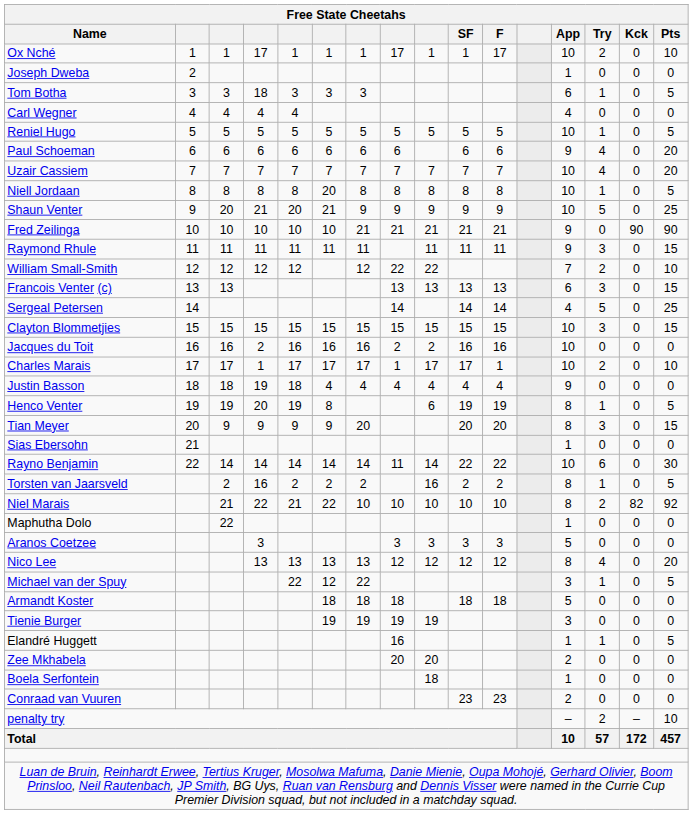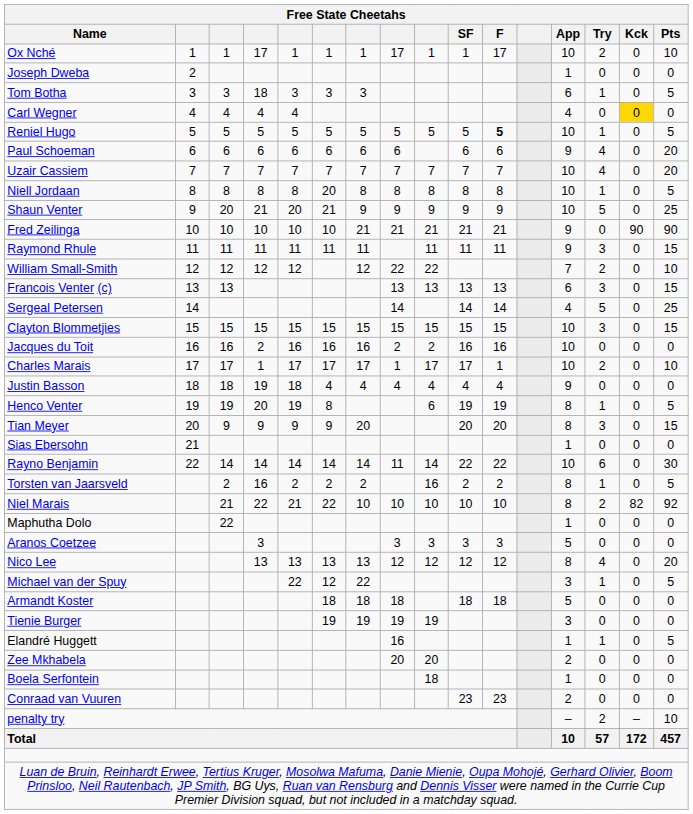 <table class="wikitable collapsible collapsed sortable" style="text-align:center; font-size:90%; width:90%">
 <tr>
 <th colspan="100%">Free State Cheetahs</th>
 </tr>
 <tr>
 <th style="width:25%;">Name</th>
 <th style="width:5%;"></th>
 <th style="width:5%;"></th>
 <th style="width:5%;"></th>
 <th style="width:5%;"></th>
 <th style="width:5%;"></th>
 <th style="width:5%;"></th>
 <th style="width:5%;"></th>
 <th style="width:5%;"></th>
 <th style="width:5%;">SF</th>
 <th style="width:5%;">F</th>
 <th style="width:5%;"></th>
 <th style="width:5%;">App</th>
 <th style="width:5%;">Try</th>
 <th style="width:5%;">Kck</th>
 <th style="width:5%;">Pts</th>
 </tr>
 <tr>
 <td style="text-align:left;"><a href='#'>Ox Nché</a></td>
 <td>1</td>
 <td>1</td>
 <td>17 </td>
 <td>1</td>
 <td>1</td>
 <td>1</td>
 <td>17 </td>
 <td>1</td>
 <td>1</td>
 <td>17 </td>
 <td style="background:#ECECEC;"></td>
 <td>10</td>
 <td>2</td>
 <td>0</td>
 <td>10</td>
 </tr>
 <tr>
 <td style="text-align:left;"><a href='#'>Joseph Dweba</a></td>
 <td>2</td>
 <td></td>
 <td></td>
 <td></td>
 <td></td>
 <td></td>
 <td></td>
 <td></td>
 <td></td>
 <td></td>
 <td style="background:#ECECEC;"></td>
 <td>1</td>
 <td>0</td>
 <td>0</td>
 <td>0</td>
 </tr>
 <tr>
 <td style="text-align:left;"><a href='#'>Tom Botha</a></td>
 <td>3</td>
 <td>3</td>
 <td>18 </td>
 <td>3</td>
 <td>3</td>
 <td>3</td>
 <td></td>
 <td></td>
 <td></td>
 <td></td>
 <td style="background:#ECECEC;"></td>
 <td>6</td>
 <td>1</td>
 <td>0</td>
 <td>5</td>
 </tr>
 <tr>
 <td style="text-align:left;"><a href='#'>Carl Wegner</a></td>
 <td>4</td>
 <td>4</td>
 <td>4</td>
 <td>4</td>
 <td></td>
 <td></td>
 <td></td>
 <td></td>
 <td></td>
 <td></td>
 <td style="background:#ECECEC;"></td>
 <td>4</td>
 <td>0</td>
-<td>0</td>
+<td style="background: gold;">0</td>
 <td>0</td>
 </tr>
 <tr>
 <td style="text-align:left;"><a href='#'>Reniel Hugo</a></td>
 <td>5</td>
 <td>5</td>
 <td>5</td>
 <td>5</td>
 <td>5</td>
 <td>5</td>
 <td>5</td>
 <td>5</td>
 <td>5</td>
-<td>5</td>
+<td><strong>5</strong></td>
 <td style="background:#ECECEC;"></td>
 <td>10</td>
 <td>1</td>
 <td>0</td>
 <td>5</td>
 </tr>
 <tr>
 <td style="text-align:left;"><a href='#'>Paul Schoeman</a></td>
 <td>6</td>
 <td>6</td>
 <td>6</td>
 <td>6</td>
 <td>6</td>
 <td>6</td>
 <td>6</td>
 <td></td>
 <td>6</td>
 <td>6</td>
 <td style="background:#ECECEC;"></td>
 <td>9</td>
 <td>4</td>
 <td>0</td>
 <td>20</td>
 </tr>
 <tr>
 <td style="text-align:left;"><a href='#'>Uzair Cassiem</a></td>
 <td>7</td>
 <td>7</td>
 <td>7</td>
 <td>7</td>
 <td>7</td>
 <td>7</td>
 <td>7</td>
 <td>7</td>
 <td>7</td>
 <td>7</td>
 <td style="background:#ECECEC;"></td>
 <td>10</td>
 <td>4</td>
 <td>0</td>
 <td>20</td>
 </tr>
 <tr>
 <td style="text-align:left;"><a href='#'>Niell Jordaan</a></td>
 <td>8</td>
 <td>8</td>
 <td>8</td>
 <td>8</td>
 <td>20 </td>
 <td>8</td>
 <td>8</td>
 <td>8</td>
 <td>8</td>
 <td>8</td>
 <td style="background:#ECECEC;"></td>
 <td>10</td>
 <td>1</td>
 <td>0</td>
 <td>5</td>
 </tr>
 <tr>
 <td style="text-align:left;"><a href='#'>Shaun Venter</a></td>
 <td>9</td>
 <td>20 </td>
 <td>21 </td>
 <td>20 </td>
 <td>21 </td>
 <td>9</td>
 <td>9</td>
 <td>9</td>
 <td>9</td>
 <td>9</td>
 <td style="background:#ECECEC;"></td>
 <td>10</td>
 <td>5</td>
 <td>0</td>
 <td>25</td>
 </tr>
 <tr>
 <td style="text-align:left;"><a href='#'>Fred Zeilinga</a></td>
 <td>10</td>
 <td>10</td>
 <td>10</td>
 <td>10</td>
 <td>10</td>
 <td>21</td>
 <td>21 </td>
 <td>21 </td>
 <td>21 </td>
 <td>21 </td>
 <td style="background:#ECECEC;"></td>
 <td>9</td>
 <td>0</td>
 <td>90</td>
 <td>90</td>
 </tr>
 <tr>
 <td style="text-align:left;"><a href='#'>Raymond Rhule</a></td>
 <td>11</td>
 <td>11</td>
 <td>11</td>
 <td>11</td>
 <td>11</td>
 <td>11</td>
 <td></td>
 <td>11</td>
 <td>11</td>
 <td>11</td>
 <td style="background:#ECECEC;"></td>
 <td>9</td>
 <td>3</td>
 <td>0</td>
 <td>15</td>
 </tr>
 <tr>
 <td style="text-align:left;"><a href='#'>William Small-Smith</a></td>
 <td>12</td>
 <td>12</td>
 <td>12</td>
 <td>12</td>
 <td></td>
 <td>12</td>
 <td>22 </td>
 <td>22 </td>
 <td></td>
 <td></td>
 <td style="background:#ECECEC;"></td>
 <td>7</td>
 <td>2</td>
 <td>0</td>
 <td>10</td>
 </tr>
 <tr>
 <td style="text-align:left;"><a href='#'>Francois Venter</a> <a href='#'>(c)</a></td>
 <td>13</td>
 <td>13</td>
 <td></td>
 <td></td>
 <td></td>
 <td></td>
 <td>13</td>
 <td>13</td>
 <td>13</td>
 <td>13</td>
 <td style="background:#ECECEC;"></td>
 <td>6</td>
 <td>3</td>
 <td>0</td>
 <td>15</td>
 </tr>
 <tr>
 <td style="text-align:left;"><a href='#'>Sergeal Petersen</a></td>
 <td>14</td>
 <td></td>
 <td></td>
 <td></td>
 <td></td>
 <td></td>
 <td>14</td>
 <td></td>
 <td>14</td>
 <td>14</td>
 <td style="background:#ECECEC;"></td>
 <td>4</td>
 <td>5</td>
 <td>0</td>
 <td>25</td>
 </tr>
 <tr>
 <td style="text-align:left;"><a href='#'>Clayton Blommetjies</a></td>
 <td>15</td>
 <td>15</td>
 <td>15</td>
 <td>15</td>
 <td>15</td>
 <td>15</td>
 <td>15</td>
 <td>15</td>
 <td>15</td>
 <td>15</td>
 <td style="background:#ECECEC;"></td>
 <td>10</td>
 <td>3</td>
 <td>0</td>
 <td>15</td>
 </tr>
 <tr>
 <td style="text-align:left;"><a href='#'>Jacques du Toit</a></td>
 <td>16 </td>
 <td>16 </td>
 <td>2</td>
 <td>16 </td>
 <td>16 </td>
 <td>16 </td>
 <td>2</td>
 <td>2</td>
 <td>16 </td>
 <td>16 </td>
 <td style="background:#ECECEC;"></td>
 <td>10</td>
 <td>0</td>
 <td>0</td>
 <td>0</td>
 </tr>
 <tr>
 <td style="text-align:left;"><a href='#'>Charles Marais</a></td>
 <td>17 </td>
 <td>17 </td>
 <td>1</td>
 <td>17 </td>
 <td>17 </td>
 <td>17 </td>
 <td>1</td>
 <td>17 </td>
 <td>17 </td>
 <td>1</td>
 <td style="background:#ECECEC;"></td>
 <td>10</td>
 <td>2</td>
 <td>0</td>
 <td>10</td>
 </tr>
 <tr>
 <td style="text-align:left;"><a href='#'>Justin Basson</a></td>
 <td>18 </td>
 <td>18 </td>
 <td>19</td>
 <td>18 </td>
 <td>4</td>
 <td>4</td>
 <td>4</td>
 <td>4</td>
 <td>4</td>
 <td>4</td>
 <td style="background:#ECECEC;"></td>
 <td>9</td>
 <td>0</td>
 <td>0</td>
 <td>0</td>
 </tr>
 <tr>
 <td style="text-align:left;"><a href='#'>Henco Venter</a></td>
 <td>19 </td>
 <td>19 </td>
 <td>20 </td>
 <td>19 </td>
 <td>8</td>
 <td></td>
 <td></td>
 <td>6</td>
 <td>19 </td>
 <td>19 </td>
 <td style="background:#ECECEC;"></td>
 <td>8</td>
 <td>1</td>
 <td>0</td>
 <td>5</td>
 </tr>
 <tr>
 <td style="text-align:left;"><a href='#'>Tian Meyer</a></td>
 <td>20 </td>
 <td>9</td>
 <td>9</td>
 <td>9</td>
 <td>9</td>
 <td>20 </td>
 <td></td>
 <td></td>
 <td>20 </td>
 <td>20 </td>
 <td style="background:#ECECEC;"></td>
 <td>8</td>
 <td>3</td>
 <td>0</td>
 <td>15</td>
 </tr>
 <tr>
 <td style="text-align:left;"><a href='#'>Sias Ebersohn</a></td>
 <td>21 </td>
 <td></td>
 <td></td>
 <td></td>
 <td></td>
 <td></td>
 <td></td>
 <td></td>
 <td></td>
 <td></td>
 <td style="background:#ECECEC;"></td>
 <td>1</td>
 <td>0</td>
 <td>0</td>
 <td>0</td>
 </tr>
 <tr>
 <td style="text-align:left;"><a href='#'>Rayno Benjamin</a></td>
 <td>22 </td>
 <td>14</td>
 <td>14</td>
 <td>14</td>
 <td>14</td>
 <td>14</td>
 <td>11</td>
 <td>14</td>
 <td>22 </td>
 <td>22 </td>
 <td style="background:#ECECEC;"></td>
 <td>10</td>
 <td>6</td>
 <td>0</td>
 <td>30</td>
 </tr>
 <tr>
 <td style="text-align:left;"><a href='#'>Torsten van Jaarsveld</a></td>
 <td></td>
 <td>2</td>
 <td>16 </td>
 <td>2</td>
 <td>2</td>
 <td>2</td>
 <td></td>
 <td>16 </td>
 <td>2</td>
 <td>2</td>
 <td style="background:#ECECEC;"></td>
 <td>8</td>
 <td>1</td>
 <td>0</td>
 <td>5</td>
 </tr>
 <tr>
 <td style="text-align:left;"><a href='#'>Niel Marais</a></td>
 <td></td>
 <td>21 </td>
 <td>22</td>
 <td>21 </td>
 <td>22 </td>
 <td>10</td>
 <td>10</td>
 <td>10</td>
 <td>10</td>
 <td>10</td>
 <td style="background:#ECECEC;"></td>
 <td>8</td>
 <td>2</td>
 <td>82</td>
 <td>92</td>
 </tr>
 <tr>
 <td style="text-align:left;">Maphutha Dolo</td>
 <td></td>
 <td>22 </td>
 <td></td>
 <td></td>
 <td></td>
 <td></td>
 <td></td>
 <td></td>
 <td></td>
 <td></td>
 <td style="background:#ECECEC;"></td>
 <td>1</td>
 <td>0</td>
 <td>0</td>
 <td>0</td>
 </tr>
 <tr>
 <td style="text-align:left;"><a href='#'>Aranos Coetzee</a></td>
 <td></td>
 <td></td>
 <td>3</td>
 <td></td>
 <td></td>
 <td></td>
 <td>3</td>
 <td>3</td>
 <td>3</td>
 <td>3</td>
 <td style="background:#ECECEC;"></td>
 <td>5</td>
 <td>0</td>
 <td>0</td>
 <td>0</td>
 </tr>
 <tr>
 <td style="text-align:left;"><a href='#'>Nico Lee</a></td>
 <td></td>
 <td></td>
 <td>13</td>
 <td>13</td>
 <td>13</td>
 <td>13</td>
 <td>12</td>
 <td>12</td>
 <td>12</td>
 <td>12</td>
 <td style="background:#ECECEC;"></td>
 <td>8</td>
 <td>4</td>
 <td>0</td>
 <td>20</td>
 </tr>
 <tr>
 <td style="text-align:left;"><a href='#'>Michael van der Spuy</a></td>
 <td></td>
 <td></td>
 <td></td>
 <td>22 </td>
 <td>12</td>
 <td>22 </td>
 <td></td>
 <td></td>
 <td></td>
 <td></td>
 <td style="background:#ECECEC;"></td>
 <td>3</td>
 <td>1</td>
 <td>0</td>
 <td>5</td>
 </tr>
 <tr>
 <td style="text-align:left;"><a href='#'>Armandt Koster</a></td>
 <td></td>
 <td></td>
 <td></td>
 <td></td>
 <td>18 </td>
 <td>18 </td>
 <td>18 </td>
 <td></td>
 <td>18 </td>
 <td>18 </td>
 <td style="background:#ECECEC;"></td>
 <td>5</td>
 <td>0</td>
 <td>0</td>
 <td>0</td>
 </tr>
 <tr>
 <td style="text-align:left;"><a href='#'>Tienie Burger</a></td>
 <td></td>
 <td></td>
 <td></td>
 <td></td>
 <td>19</td>
 <td>19 </td>
 <td>19 </td>
 <td>19 </td>
 <td></td>
 <td></td>
 <td style="background:#ECECEC;"></td>
 <td>3</td>
 <td>0</td>
 <td>0</td>
 <td>0</td>
 </tr>
 <tr>
 <td style="text-align:left;">Elandré Huggett</td>
 <td></td>
 <td></td>
 <td></td>
 <td></td>
 <td></td>
 <td></td>
 <td>16 </td>
 <td></td>
 <td></td>
 <td></td>
 <td style="background:#ECECEC;"></td>
 <td>1</td>
 <td>1</td>
 <td>0</td>
 <td>5</td>
 </tr>
 <tr>
 <td style="text-align:left;"><a href='#'>Zee Mkhabela</a></td>
 <td></td>
 <td></td>
 <td></td>
 <td></td>
 <td></td>
 <td></td>
 <td>20 </td>
 <td>20 </td>
 <td></td>
 <td></td>
 <td style="background:#ECECEC;"></td>
 <td>2</td>
 <td>0</td>
 <td>0</td>
 <td>0</td>
 </tr>
 <tr>
 <td style="text-align:left;"><a href='#'>Boela Serfontein</a></td>
 <td></td>
 <td></td>
 <td></td>
 <td></td>
 <td></td>
 <td></td>
 <td></td>
 <td>18 </td>
 <td></td>
 <td></td>
 <td style="background:#ECECEC;"></td>
 <td>1</td>
 <td>0</td>
 <td>0</td>
 <td>0</td>
 </tr>
 <tr>
 <td style="text-align:left;"><a href='#'>Conraad van Vuuren</a></td>
 <td></td>
 <td></td>
 <td></td>
 <td></td>
 <td></td>
 <td></td>
 <td></td>
 <td></td>
 <td>23 </td>
 <td>23 </td>
 <td style="background:#ECECEC;"></td>
 <td>2</td>
 <td>0</td>
 <td>0</td>
 <td>0</td>
 </tr>
 <tr>
 <td colspan="11" style="text-align:left;"><a href='#'>penalty try</a></td>
 <td style="background:#ECECEC;"></td>
 <td>–</td>
 <td>2</td>
 <td>–</td>
 <td>10</td>
 </tr>
 <tr>
 <th colspan="11" style="text-align:left;">Total</th>
 <th style="background:#ECECEC;"></th>
 <th>10</th>
 <th>57</th>
 <th>172</th>
 <th>457</th>
 </tr>
 <tr>
 <td colspan="100%" style="height: 10px;"></td>
 </tr>
 <tr>
 <td colspan="100%" style="text-align:center;"><em><a href='#'>Luan de Bruin</a>, <a href='#'>Reinhardt Erwee</a>, <a href='#'>Tertius Kruger</a>, <a href='#'>Mosolwa Mafuma</a>, <a href='#'>Danie Mienie</a>, <a href='#'>Oupa Mohojé</a>, <a href='#'>Gerhard Olivier</a>, <a href='#'>Boom Prinsloo</a>, <a href='#'>Neil Rautenbach</a>, <a href='#'>JP Smith</a>, BG Uys, <a href='#'>Ruan van Rensburg</a> and <a href='#'>Dennis Visser</a> were named in the Currie Cup Premier Division squad, but not included in a matchday squad.</em></td>
 </tr>
 </table>
